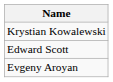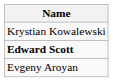 <table class="wikitable">
 <tr>
 <th>Name</th>
 </tr>
 <tr>
 <td> Krystian Kowalewski</td>
 </tr>
 <tr>
-<td> Edward Scott</td>
+<td><strong> Edward Scott</strong></td>
 </tr>
 <tr>
 <td> Evgeny Aroyan</td>
 </tr>
 </table>
